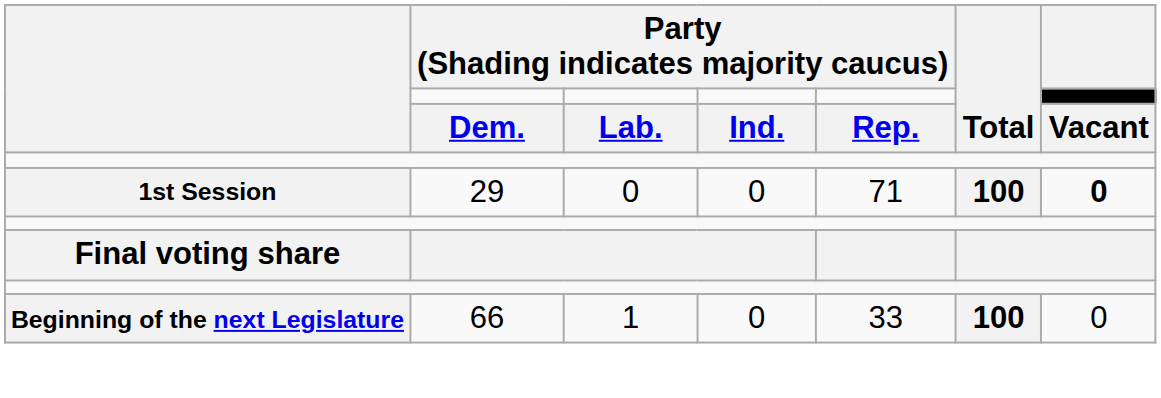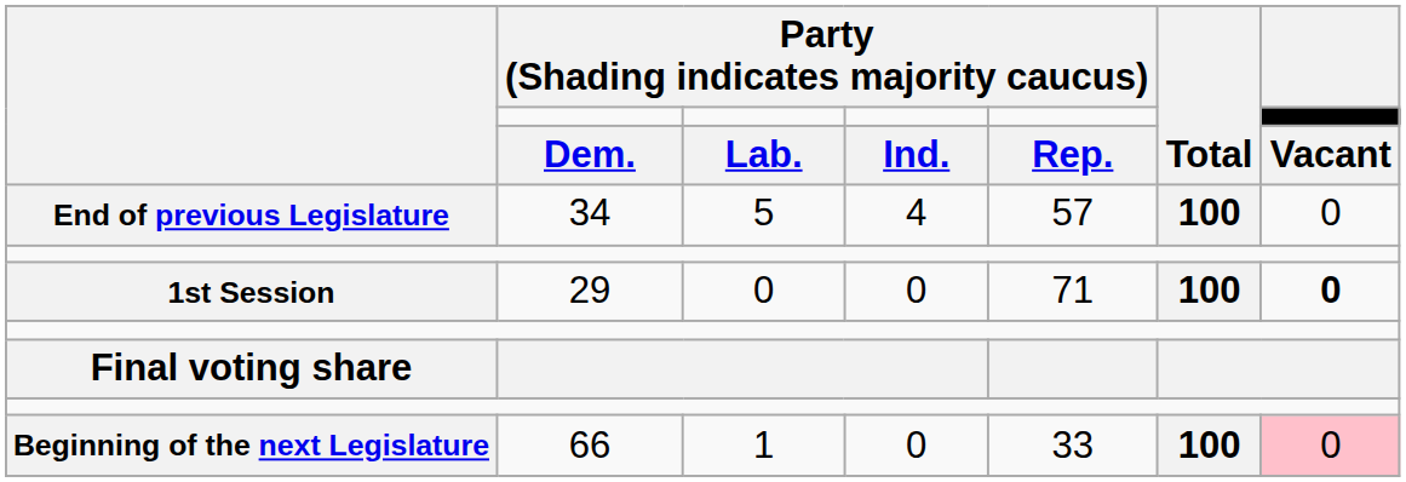 <table class=wikitable style="text-align:center">
 <tr style="vertical-align:bottom;">
 <th rowspan=3></th>
 <th colspan=4>Party <div>(Shading indicates majority caucus)</div></th>
 <th rowspan=3>Total</th>
 <th></th>
 </tr>
 <tr style="height:5px">
 <td style="background-color:"></td>
 <td style="background-color:"></td>
 <td style="background-color:"></td>
 <td style="background-color:"></td>
 <td style="background:black;"></td>
 </tr>
 <tr>
 <th><a href='#'>Dem.</a></th>
 <th><a href='#'>Lab.</a></th>
 <th><a href='#'>Ind.</a></th>
 <th><a href='#'>Rep.</a></th>
 <th>Vacant</th>
+</tr>
+<tr>
+<th style="font-size:80%;">End of <a href='#'>previous Legislature</a></th>
+<td>34</td>
+<td>5</td>
+<td>4</td>
+<td>57</td>
+<th>100</th>
+<td>0</td>
 </tr>
 <tr>
 <td colspan=7></td>
 </tr>
 <tr>
 <th style="font-size:80%;">1st Session</th>
 <td>29</td>
 <td>0</td>
 <td>0</td>
 <td>71</td>
 <th>100</th>
 <td><strong>0</strong></td>
 </tr>
 <tr>
 <td colspan=7></td>
 </tr>
 <tr>
 <th>Final voting share</th>
 <th colspan=3></th>
 <th></th>
 <th colspan=2></th>
 </tr>
 <tr>
 <td colspan=7></td>
 </tr>
 <tr>
 <th style="font-size:80%;">Beginning of the <a href='#'>next Legislature</a></th>
 <td>66</td>
 <td>1</td>
 <td>0</td>
 <td>33</td>
 <th>100</th>
-<td>0</td>
+<td style="background: pink;">0</td>
 </tr>
 </table>
